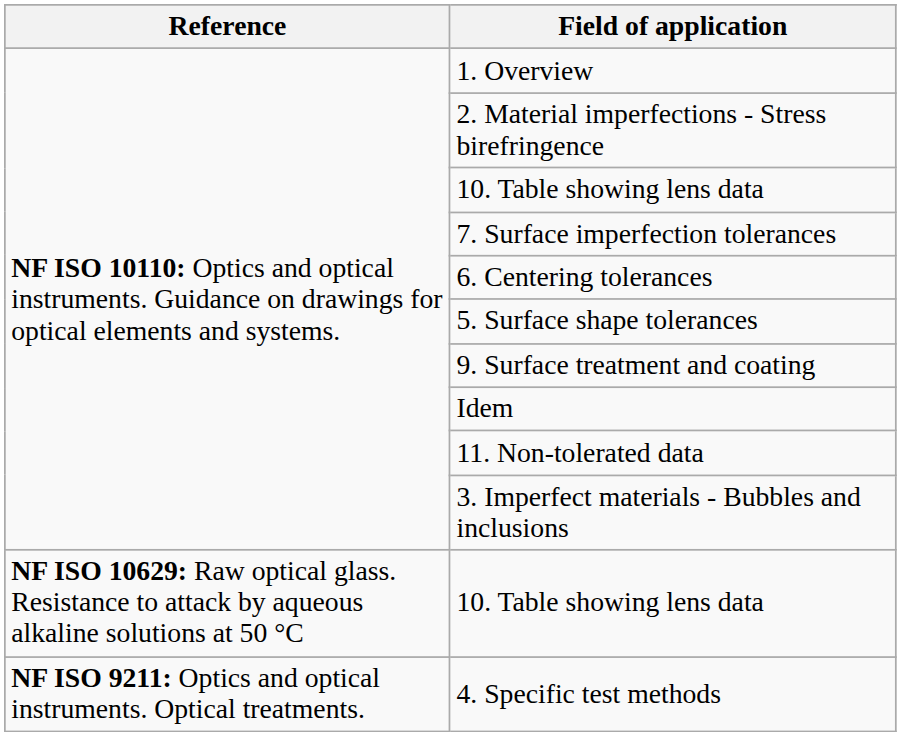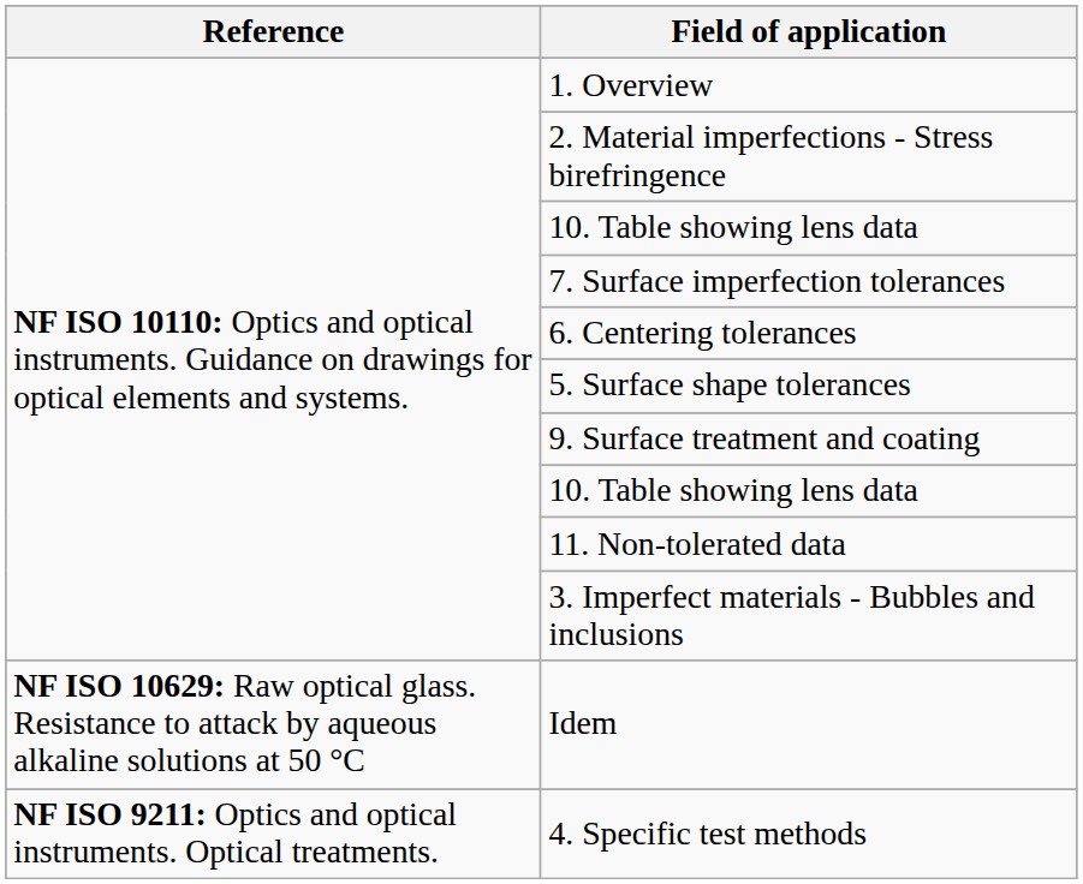 <table class="wikitable mw-collapsible mw-collapsed droite alternance">
 <tr>
 <th align="center" scope="col">Reference</th>
 <th align="center" scope="col">Field of application</th>
 </tr>
 <tr>
 <td rowspan="10" width="250px"><strong>NF ISO 10110:</strong> Optics and optical instruments. Guidance on drawings for optical elements and systems.</td>
 <td width="250px">1. Overview</td>
 </tr>
 <tr>
 <td width="250px">2. Material imperfections - Stress birefringence</td>
 </tr>
 <tr>
 <td width="250px">10. Table showing lens data</td>
 </tr>
 <tr>
 <td width="250px">7. Surface imperfection tolerances</td>
 </tr>
 <tr>
 <td width="250px">6. Centering tolerances</td>
 </tr>
 <tr>
 <td width="250px">5. Surface shape tolerances</td>
 </tr>
 <tr>
 <td width="250px">9. Surface treatment and coating</td>
 </tr>
 <tr>
-<td width="250px">Idem</td>
+<td width="250px">10. Table showing lens data</td>
 </tr>
 <tr>
 <td width="250px">11. Non-tolerated data</td>
 </tr>
 <tr>
 <td width="250px">3. Imperfect materials - Bubbles and inclusions</td>
 </tr>
 <tr>
 <td><strong>NF ISO 10629:</strong> Raw optical glass. Resistance to attack by aqueous alkaline solutions at 50 °C</td>
-<td width="250px">10. Table showing lens data</td>
+<td width="250px">Idem</td>
 </tr>
 <tr>
 <td><strong>NF ISO 9211:</strong> Optics and optical instruments. Optical treatments.</td>
 <td width="250px">4. Specific test methods</td>
 </tr>
 </table>
